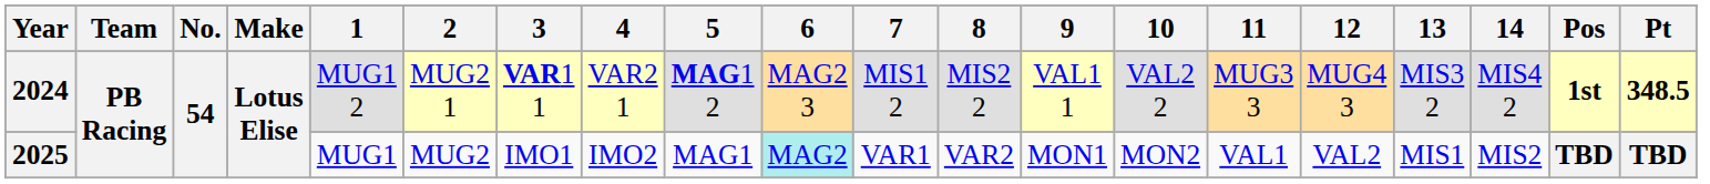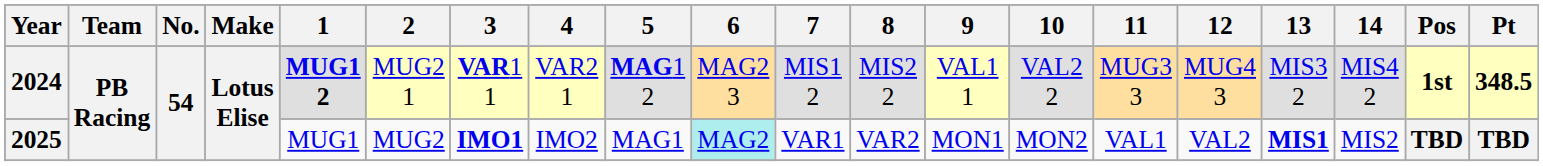 <table class="wikitable" style="text-align:center; font-size:85%">
 <tr>
 <th>Year</th>
 <th>Team</th>
 <th>No.</th>
 <th>Make</th>
 <th>1</th>
 <th>2</th>
 <th>3</th>
 <th>4</th>
 <th>5</th>
 <th>6</th>
 <th>7</th>
 <th>8</th>
 <th>9</th>
 <th>10</th>
 <th>11</th>
 <th>12</th>
 <th>13</th>
 <th>14</th>
 <th>Pos</th>
 <th>Pt</th>
 </tr>
 <tr>
 <th>2024</th>
 <th rowspan="2">PB Racing</th>
 <th rowspan="2">54</th>
 <th rowspan="2">Lotus Elise</th>
-<td style="background-color:#DFDFDF"><a href='#'>MUG1</a><br>2</td>
+<td style="background-color:#DFDFDF"><strong><a href='#'>MUG1</a><br>2</strong></td>
 <td style="background-color:#FFFFBF"><a href='#'>MUG2</a><br>1</td>
 <td style="background-color:#FFFFBF"><a href='#'><strong>VAR</strong>1</a><br>1</td>
 <td style="background-color:#FFFFBF"><a href='#'>VAR2</a><br>1</td>
 <td style="background-color:#DFDFDF"><a href='#'><strong>MAG</strong>1</a><br>2</td>
 <td style="background-color:#FFDF9F"><a href='#'>MAG2</a><br>3</td>
 <td style="background-color:#DFDFDF"><a href='#'>MIS1</a><br>2</td>
 <td style="background-color:#DFDFDF"><a href='#'>MIS2</a><br>2</td>
 <td style="background-color:#FFFFBF"><a href='#'>VAL1</a><br>1</td>
 <td style="background-color:#DFDFDF"><a href='#'>VAL2</a><br>2</td>
 <td style="background-color:#FFDF9F"><a href='#'>MUG3</a><br>3</td>
 <td style="background-color:#FFDF9F"><a href='#'>MUG4</a><br>3</td>
 <td style="background-color:#DFDFDF"><a href='#'>MIS3</a><br>2</td>
 <td style="background-color:#DFDFDF"><a href='#'>MIS4</a><br>2</td>
 <th style="background-color:#FFFFBF">1st</th>
 <th style="background-color:#FFFFBF">348.5</th>
 </tr>
 <tr>
 <th>2025</th>
 <td><a href='#'>MUG1</a></td>
 <td><a href='#'>MUG2</a></td>
-<td><a href='#'>IMO1</a></td>
+<td><strong><a href='#'>IMO1</a></strong></td>
 <td><a href='#'>IMO2</a></td>
 <td><a href='#'>MAG1</a></td>
 <td style="background: paleturquoise;"><a href='#'>MAG2</a></td>
 <td><a href='#'>VAR1</a></td>
 <td><a href='#'>VAR2</a></td>
 <td><a href='#'>MON1</a></td>
 <td><a href='#'>MON2</a></td>
 <td><a href='#'>VAL1</a></td>
 <td><a href='#'>VAL2</a></td>
-<td><a href='#'>MIS1</a></td>
+<td><strong><a href='#'>MIS1</a></strong></td>
 <td><a href='#'>MIS2</a></td>
 <th>TBD</th>
 <th>TBD</th>
 </tr>
 </table>
